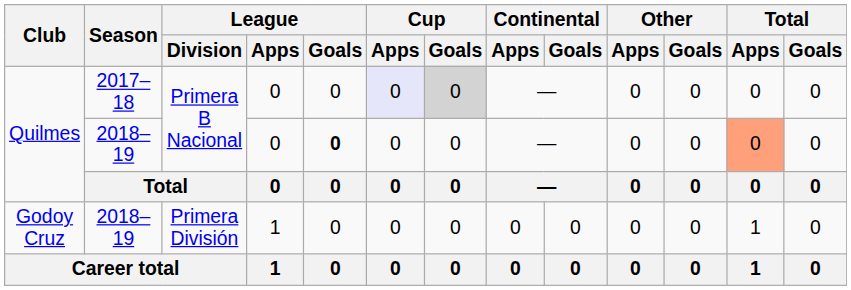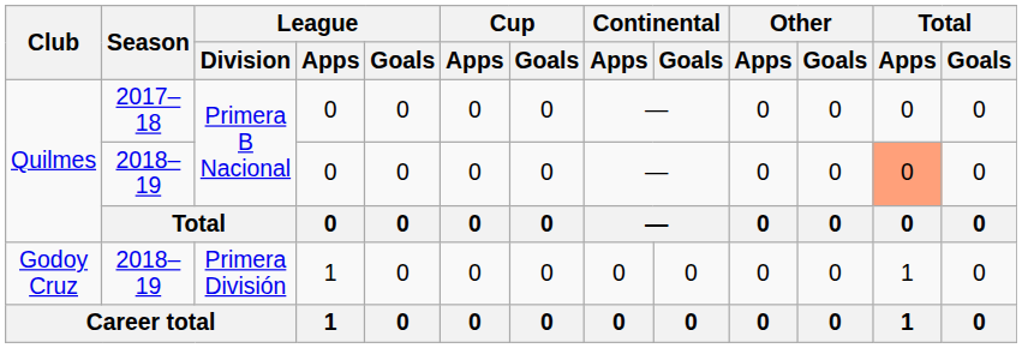 <table class="wikitable" style="text-align:center">
 <tr>
 <th rowspan="2">Club</th>
 <th rowspan="2">Season</th>
 <th colspan="3">League</th>
 <th colspan="2">Cup</th>
 <th colspan="2">Continental</th>
 <th colspan="2">Other</th>
 <th colspan="2">Total</th>
 </tr>
 <tr>
 <th>Division</th>
 <th>Apps</th>
 <th>Goals</th>
 <th>Apps</th>
 <th>Goals</th>
 <th>Apps</th>
 <th>Goals</th>
 <th>Apps</th>
 <th>Goals</th>
 <th>Apps</th>
 <th>Goals</th>
 </tr>
 <tr>
 <td rowspan="3"><a href='#'>Quilmes</a></td>
 <td><a href='#'>2017–18</a></td>
 <td rowspan="2"><a href='#'>Primera B Nacional</a></td>
 <td>0</td>
 <td>0</td>
-<td style="background: lavender;">0</td>
-<td style="background: lightgrey;">0</td>
+<td>0</td>
+<td>0</td>
 <td colspan="2">—</td>
 <td>0</td>
 <td>0</td>
 <td>0</td>
 <td>0</td>
 </tr>
 <tr>
 <td><a href='#'>2018–19</a></td>
 <td>0</td>
-<td><strong>0</strong></td>
+<td>0</td>
 <td>0</td>
 <td>0</td>
 <td colspan="2">—</td>
 <td>0</td>
 <td>0</td>
 <td style="background: lightsalmon;">0</td>
 <td>0</td>
 </tr>
 <tr>
 <th colspan="2">Total</th>
 <th>0</th>
 <th>0</th>
 <th>0</th>
 <th>0</th>
 <th colspan="2">—</th>
 <th>0</th>
 <th>0</th>
 <th>0</th>
 <th>0</th>
 </tr>
 <tr>
 <td rowspan="1"><a href='#'>Godoy Cruz</a></td>
 <td><a href='#'>2018–19</a></td>
 <td rowspan="1"><a href='#'>Primera División</a></td>
 <td>1</td>
 <td>0</td>
 <td>0</td>
 <td>0</td>
 <td>0</td>
 <td>0</td>
 <td>0</td>
 <td>0</td>
 <td>1</td>
 <td>0</td>
 </tr>
 <tr>
 <th colspan="3">Career total</th>
 <th>1</th>
 <th>0</th>
 <th>0</th>
 <th>0</th>
 <th>0</th>
 <th>0</th>
 <th>0</th>
 <th>0</th>
 <th>1</th>
 <th>0</th>
 </tr>
 </table>
